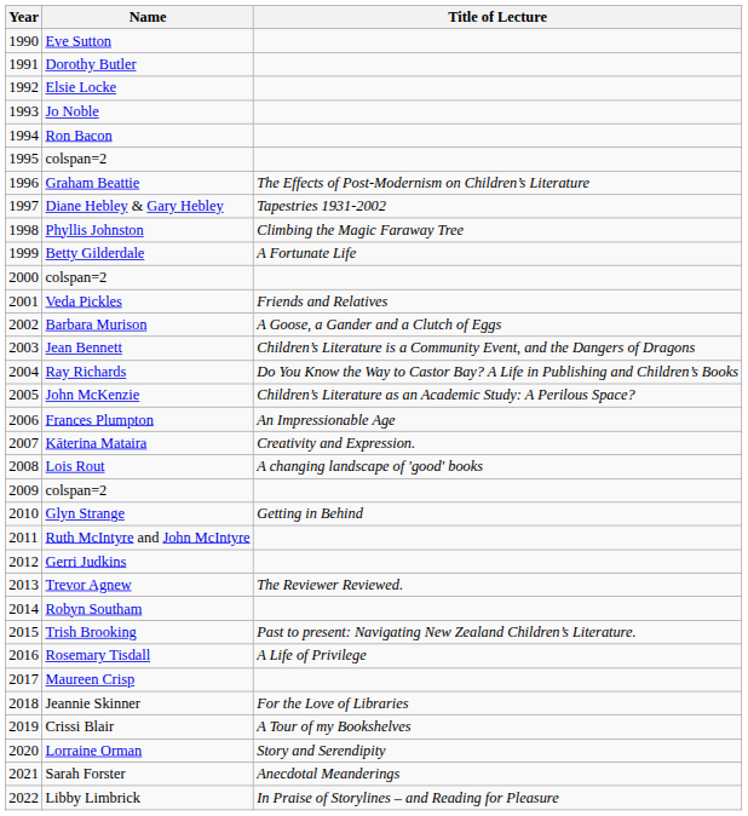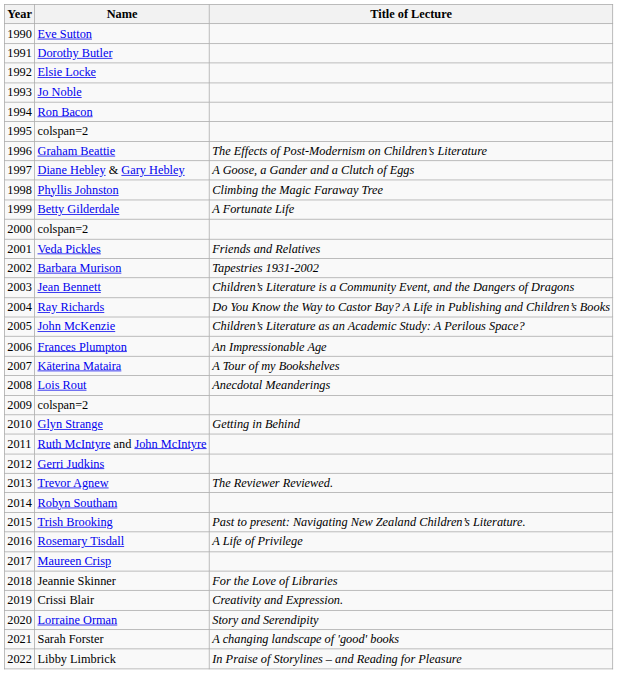 <table class="wikitable">
 <tr>
 <th>Year</th>
 <th>Name</th>
 <th>Title of Lecture</th>
 </tr>
 <tr>
 <td>1990</td>
 <td><a href='#'>Eve Sutton</a></td>
 <td></td>
 </tr>
 <tr>
 <td>1991</td>
 <td><a href='#'>Dorothy Butler</a></td>
 <td></td>
 </tr>
 <tr>
 <td>1992</td>
 <td><a href='#'>Elsie Locke</a></td>
 <td></td>
 </tr>
 <tr>
 <td>1993</td>
 <td><a href='#'>Jo Noble</a></td>
 <td></td>
 </tr>
 <tr>
 <td>1994</td>
 <td><a href='#'>Ron Bacon</a></td>
 <td></td>
 </tr>
 <tr>
 <td>1995</td>
 <td>colspan=2 </td>
 </tr>
 <tr>
 <td>1996</td>
 <td><a href='#'>Graham Beattie</a></td>
 <td><em>The Effects of Post-Modernism on Children’s Literature</em></td>
 </tr>
 <tr>
 <td>1997</td>
 <td><a href='#'>Diane Hebley</a> & <a href='#'>Gary Hebley</a></td>
-<td><em>Tapestries 1931-2002</em></td>
+<td><em>A Goose, a Gander and a Clutch of Eggs</em></td>
 </tr>
 <tr>
 <td>1998</td>
 <td><a href='#'>Phyllis Johnston</a></td>
 <td><em>Climbing the Magic Faraway Tree</em></td>
 </tr>
 <tr>
 <td>1999</td>
 <td><a href='#'>Betty Gilderdale</a></td>
 <td><em>A Fortunate Life</em></td>
 </tr>
 <tr>
 <td>2000</td>
 <td>colspan=2 </td>
 </tr>
 <tr>
 <td>2001</td>
 <td><a href='#'>Veda Pickles</a></td>
 <td><em>Friends and Relatives</em></td>
 </tr>
 <tr>
 <td>2002</td>
 <td><a href='#'>Barbara Murison</a></td>
-<td><em>A Goose, a Gander and a Clutch of Eggs</em></td>
+<td><em>Tapestries 1931-2002</em></td>
 </tr>
 <tr>
 <td>2003</td>
 <td><a href='#'>Jean Bennett</a></td>
 <td><em>Children’s Literature is a Community Event, and the Dangers of Dragons</em></td>
 </tr>
 <tr>
 <td>2004</td>
 <td><a href='#'>Ray Richards</a></td>
 <td><em>Do You Know the Way to Castor Bay? A Life in Publishing and Children’s Books</em></td>
 </tr>
 <tr>
 <td>2005</td>
 <td><a href='#'>John McKenzie</a></td>
 <td><em>Children’s Literature as an Academic Study: A Perilous Space?</em></td>
 </tr>
 <tr>
 <td>2006</td>
 <td><a href='#'>Frances Plumpton</a></td>
 <td><em>An Impressionable Age</em></td>
 </tr>
 <tr>
 <td>2007</td>
 <td><a href='#'>Kāterina Mataira</a></td>
-<td><em>Creativity and Expression.</em></td>
+<td><em>A Tour of my Bookshelves</em></td>
 </tr>
 <tr>
 <td>2008</td>
 <td><a href='#'>Lois Rout</a></td>
-<td><em>A changing landscape of 'good' books</em></td>
+<td><em>Anecdotal Meanderings</em></td>
 </tr>
 <tr>
 <td>2009</td>
 <td>colspan=2 </td>
 </tr>
 <tr>
 <td>2010</td>
 <td><a href='#'>Glyn Strange</a></td>
 <td><em>Getting in Behind</em></td>
 </tr>
 <tr>
 <td>2011</td>
 <td><a href='#'>Ruth McIntyre</a> and <a href='#'>John McIntyre</a></td>
 <td></td>
 </tr>
 <tr>
 <td>2012</td>
 <td><a href='#'>Gerri Judkins</a></td>
 <td></td>
 </tr>
 <tr>
 <td>2013</td>
 <td><a href='#'>Trevor Agnew</a></td>
 <td><em>The Reviewer Reviewed.</em></td>
 </tr>
 <tr>
 <td>2014</td>
 <td><a href='#'>Robyn Southam</a></td>
 <td></td>
 </tr>
 <tr>
 <td>2015</td>
 <td><a href='#'>Trish Brooking</a></td>
 <td><em>Past to present: Navigating New Zealand Children’s Literature.</em></td>
 </tr>
 <tr>
 <td>2016</td>
 <td><a href='#'>Rosemary Tisdall</a></td>
 <td><em>A Life of Privilege</em></td>
 </tr>
 <tr>
 <td>2017</td>
 <td><a href='#'>Maureen Crisp</a></td>
 <td></td>
 </tr>
 <tr>
 <td>2018</td>
 <td>Jeannie Skinner</td>
 <td><em>For the Love of Libraries</em></td>
 </tr>
 <tr>
 <td>2019</td>
 <td>Crissi Blair</td>
-<td><em>A Tour of my Bookshelves</em></td>
+<td><em>Creativity and Expression.</em></td>
 </tr>
 <tr>
 <td>2020</td>
 <td><a href='#'>Lorraine Orman</a></td>
 <td><em>Story and Serendipity</em></td>
 </tr>
 <tr>
 <td>2021</td>
 <td>Sarah Forster</td>
-<td><em>Anecdotal Meanderings</em></td>
+<td><em>A changing landscape of 'good' books</em></td>
 </tr>
 <tr>
 <td>2022</td>
 <td>Libby Limbrick</td>
 <td><em>In Praise of Storylines – and Reading for Pleasure</em></td>
 </tr>
 </table>
